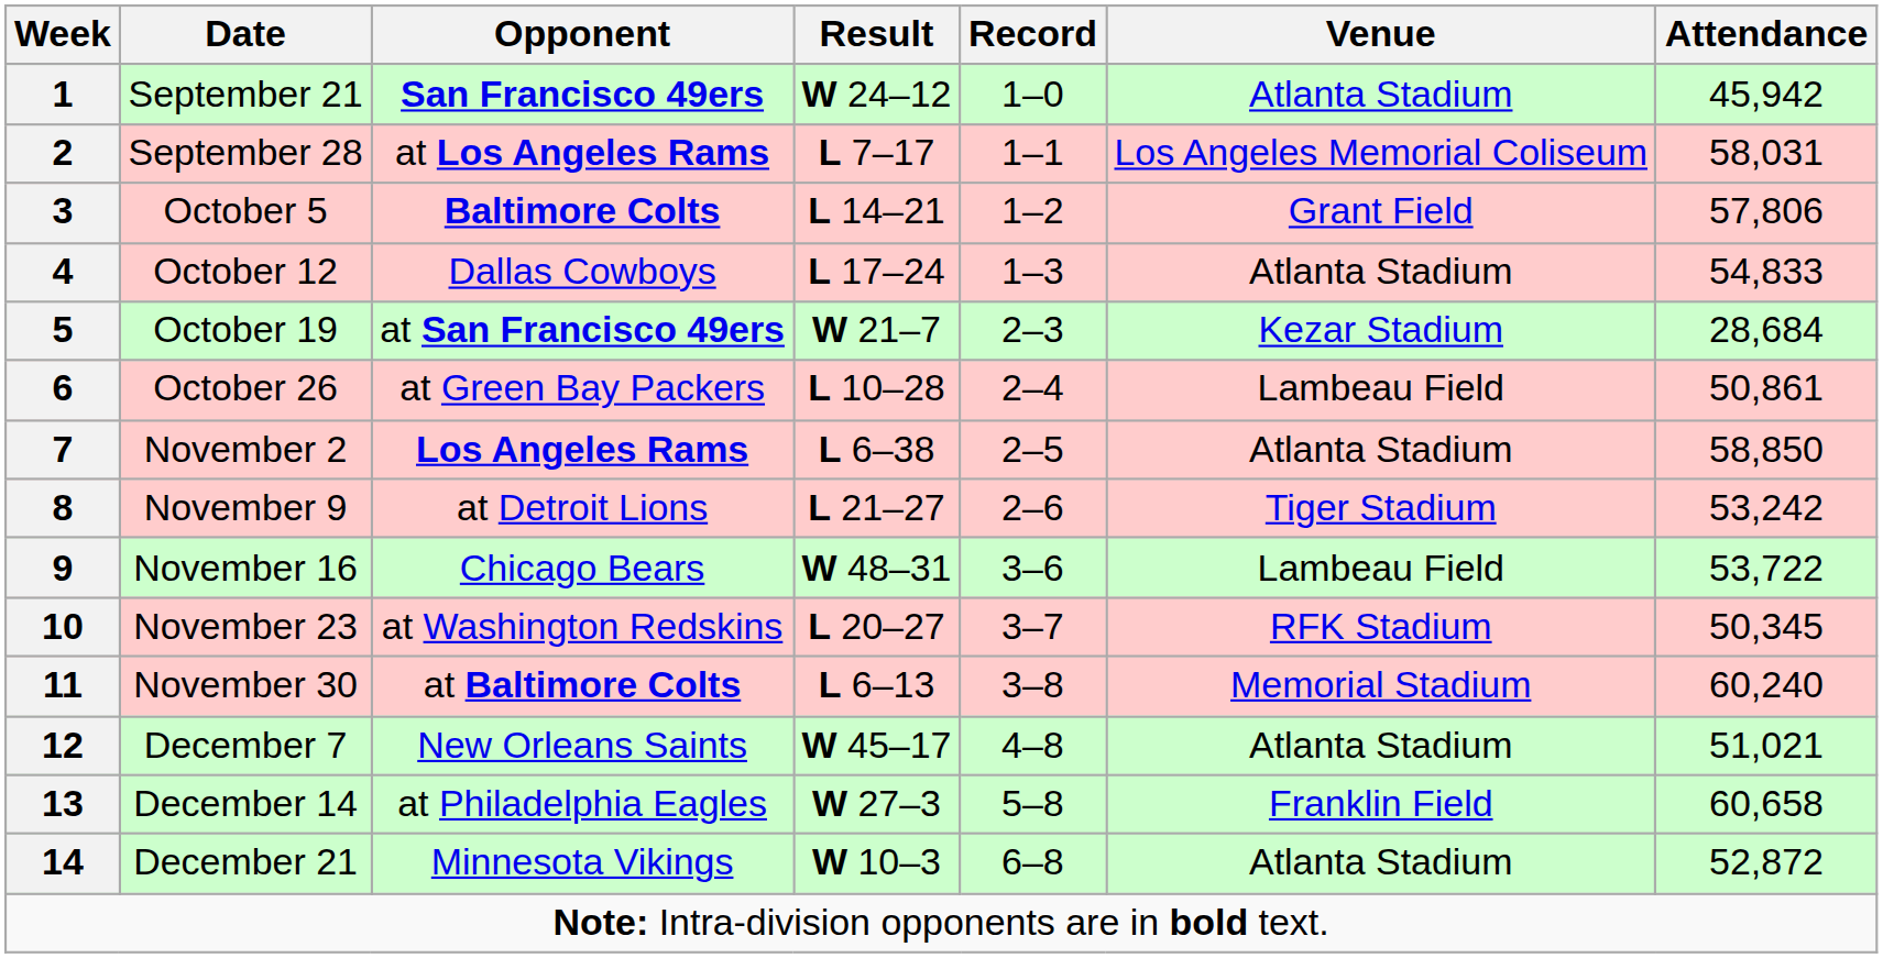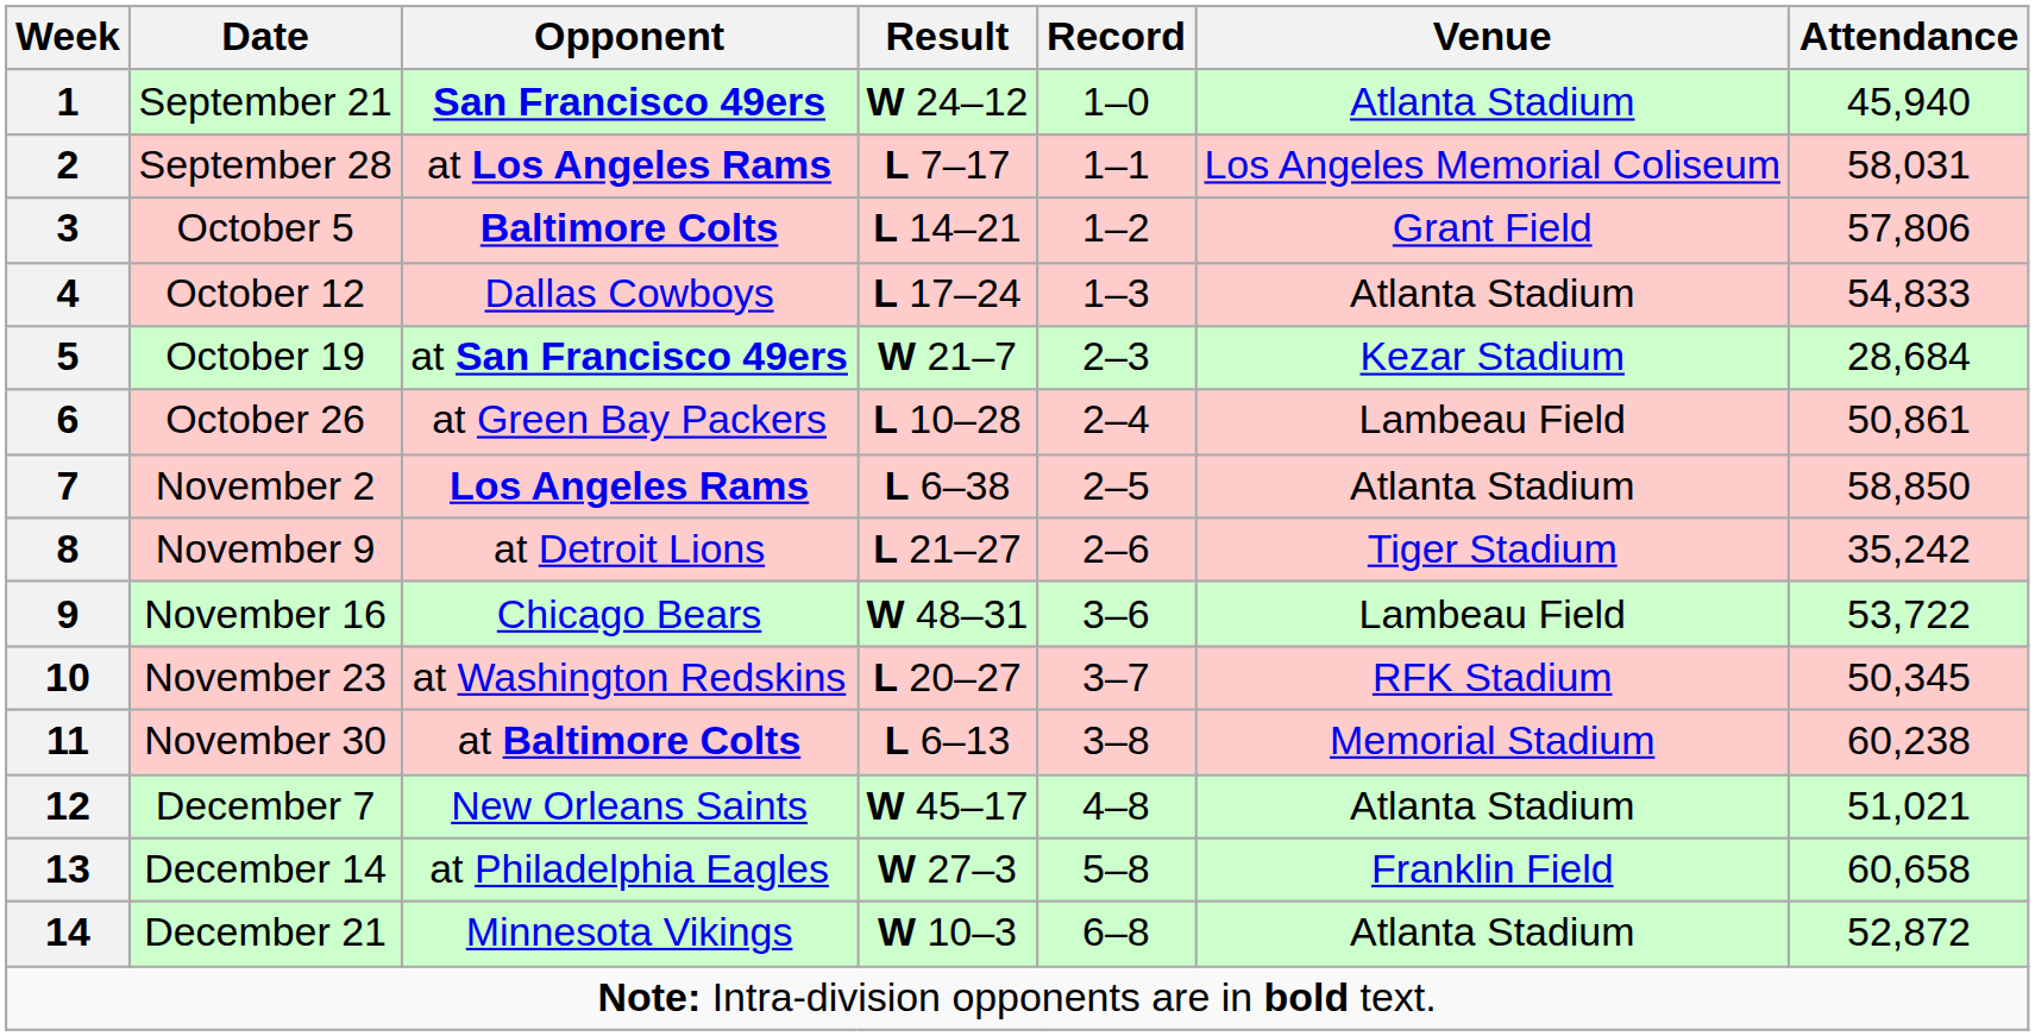 <table class="wikitable" style="text-align:center">
 <tr>
 <th>Week</th>
 <th>Date</th>
 <th>Opponent</th>
 <th>Result</th>
 <th>Record</th>
 <th>Venue</th>
 <th>Attendance</th>
 </tr>
 <tr style="background:#cfc">
 <th>1</th>
 <td>September 21</td>
 <td><strong><a href='#'>San Francisco 49ers</a></strong></td>
 <td><strong>W</strong> 24–12</td>
 <td>1–0</td>
 <td><a href='#'>Atlanta Stadium</a></td>
-<td>45,942</td>
+<td>45,940</td>
 </tr>
 <tr style="background:#fcc">
 <th>2</th>
 <td>September 28</td>
 <td>at <strong><a href='#'>Los Angeles Rams</a></strong></td>
 <td><strong>L</strong> 7–17</td>
 <td>1–1</td>
 <td><a href='#'>Los Angeles Memorial Coliseum</a></td>
 <td>58,031</td>
 </tr>
 <tr style="background:#fcc">
 <th>3</th>
 <td>October 5</td>
 <td><strong><a href='#'>Baltimore Colts</a></strong></td>
 <td><strong>L</strong> 14–21</td>
 <td>1–2</td>
 <td><a href='#'>Grant Field</a></td>
 <td>57,806</td>
 </tr>
 <tr style="background:#fcc">
 <th>4</th>
 <td>October 12</td>
 <td><a href='#'>Dallas Cowboys</a></td>
 <td><strong>L</strong> 17–24</td>
 <td>1–3</td>
 <td>Atlanta Stadium</td>
 <td>54,833</td>
 </tr>
 <tr style="background:#cfc">
 <th>5</th>
 <td>October 19</td>
 <td>at <strong><a href='#'>San Francisco 49ers</a></strong></td>
 <td><strong>W</strong> 21–7</td>
 <td>2–3</td>
 <td><a href='#'>Kezar Stadium</a></td>
 <td>28,684</td>
 </tr>
 <tr style="background:#fcc">
 <th>6</th>
 <td>October 26</td>
 <td>at <a href='#'>Green Bay Packers</a></td>
 <td><strong>L</strong> 10–28</td>
 <td>2–4</td>
 <td>Lambeau Field</td>
 <td>50,861</td>
 </tr>
 <tr style="background:#fcc">
 <th>7</th>
 <td>November 2</td>
 <td><strong><a href='#'>Los Angeles Rams</a></strong></td>
 <td><strong>L</strong> 6–38</td>
 <td>2–5</td>
 <td>Atlanta Stadium</td>
 <td>58,850</td>
 </tr>
 <tr style="background:#fcc">
 <th>8</th>
 <td>November 9</td>
 <td>at <a href='#'>Detroit Lions</a></td>
 <td><strong>L</strong> 21–27</td>
 <td>2–6</td>
 <td><a href='#'>Tiger Stadium</a></td>
-<td>53,242</td>
+<td>35,242</td>
 </tr>
 <tr style="background:#cfc">
 <th>9</th>
 <td>November 16</td>
 <td><a href='#'>Chicago Bears</a></td>
 <td><strong>W</strong> 48–31</td>
 <td>3–6</td>
 <td>Lambeau Field</td>
 <td>53,722</td>
 </tr>
 <tr style="background:#fcc">
 <th>10</th>
 <td>November 23</td>
 <td>at <a href='#'>Washington Redskins</a></td>
 <td><strong>L</strong> 20–27</td>
 <td>3–7</td>
 <td><a href='#'>RFK Stadium</a></td>
 <td>50,345</td>
 </tr>
 <tr style="background:#fcc">
 <th>11</th>
 <td>November 30</td>
 <td>at <strong><a href='#'>Baltimore Colts</a></strong></td>
 <td><strong>L</strong> 6–13</td>
 <td>3–8</td>
 <td><a href='#'>Memorial Stadium</a></td>
-<td>60,240</td>
+<td>60,238</td>
 </tr>
 <tr style="background:#cfc">
 <th>12</th>
 <td>December 7</td>
 <td><a href='#'>New Orleans Saints</a></td>
 <td><strong>W</strong> 45–17</td>
 <td>4–8</td>
 <td>Atlanta Stadium</td>
 <td>51,021</td>
 </tr>
 <tr style="background:#cfc">
 <th>13</th>
 <td>December 14</td>
 <td>at <a href='#'>Philadelphia Eagles</a></td>
 <td><strong>W</strong> 27–3</td>
 <td>5–8</td>
 <td><a href='#'>Franklin Field</a></td>
 <td>60,658</td>
 </tr>
 <tr style="background:#cfc">
 <th>14</th>
 <td>December 21</td>
 <td><a href='#'>Minnesota Vikings</a></td>
 <td><strong>W</strong> 10–3</td>
 <td>6–8</td>
 <td>Atlanta Stadium</td>
 <td>52,872</td>
 </tr>
 <tr>
 <td colspan="7"><strong>Note:</strong> Intra-division opponents are in <strong>bold</strong> text.</td>
 </tr>
 </table>
